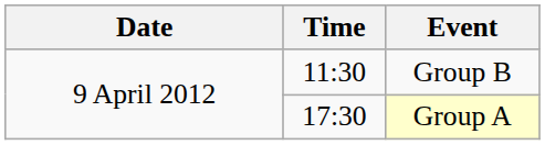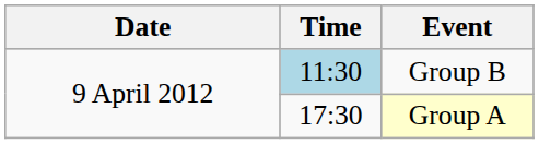 <table class = "wikitable" style="text-align:center;">
 <tr>
 <th width=150>Date</th>
 <th width=50>Time</th>
 <th width=80>Event</th>
 </tr>
 <tr>
 <td rowspan=2>9 April 2012</td>
-<td>11:30</td>
+<td style="background: lightblue;">11:30</td>
 <td>Group B</td>
 </tr>
 <tr>
 <td>17:30</td>
 <td bgcolor=ffffcc>Group A</td>
 </tr>
 </table>
